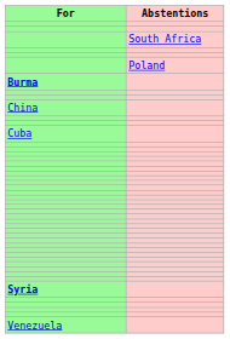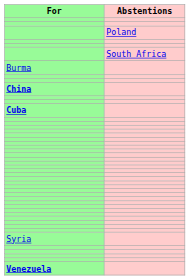 <table class="sortable wikitable">
 <tr>
 <td width="150" align="center" bgcolor="98FB98"><strong>For</strong></td>
 <td width="120" align="center" bgcolor="#ffcccc"><strong>Abstentions</strong></td>
 </tr>
 <tr>
 <td bgcolor="98FB98"></td>
 <td bgcolor="#ffcccc"></td>
 </tr>
 <tr>
 <td bgcolor="98FB98"></td>
 <td bgcolor="#ffcccc"></td>
 </tr>
 <tr>
 <td bgcolor="98FB98"></td>
-<td bgcolor="#ffcccc"> <a href='#'>South Africa</a></td>
+<td bgcolor="#ffcccc"> <a href='#'>Poland</a></td>
 </tr>
 <tr>
 <td bgcolor="98FB98"></td>
 <td bgcolor="#ffcccc"></td>
 </tr>
 <tr>
 <td bgcolor="98FB98"></td>
 <td bgcolor="#ffcccc"></td>
 </tr>
 <tr>
 <td bgcolor="98FB98"></td>
-<td bgcolor="#ffcccc"> <a href='#'>Poland</a></td>
+<td bgcolor="#ffcccc"> <a href='#'>South Africa</a></td>
 </tr>
 <tr>
-<td bgcolor="98FB98"><strong> <a href='#'>Burma</a></strong></td>
+<td bgcolor="98FB98"> <a href='#'>Burma</a></td>
 <td bgcolor="#ffcccc"></td>
 </tr>
 <tr>
 <td bgcolor="98FB98"></td>
 <td bgcolor="#ffcccc"></td>
 </tr>
 <tr>
 <td bgcolor="98FB98"></td>
 <td bgcolor="#ffcccc"></td>
 </tr>
 <tr>
-<td bgcolor="98FB98"> <a href='#'>China</a></td>
+<td bgcolor="98FB98"><strong> <a href='#'>China</a></strong></td>
 <td bgcolor="#ffcccc"></td>
 </tr>
 <tr>
 <td bgcolor="98FB98"></td>
 <td bgcolor="#ffcccc"></td>
 </tr>
 <tr>
 <td bgcolor="98FB98"></td>
 <td bgcolor="#ffcccc"></td>
 </tr>
 <tr>
-<td bgcolor="98FB98"> <a href='#'>Cuba</a></td>
+<td bgcolor="98FB98"><strong> <a href='#'>Cuba</a></strong></td>
 <td bgcolor="#ffcccc"></td>
 </tr>
 <tr>
 <td bgcolor="98FB98"></td>
 <td bgcolor="#ffcccc"></td>
 </tr>
 <tr>
 <td bgcolor="98FB98"></td>
 <td bgcolor="#ffcccc"></td>
 </tr>
 <tr>
 <td bgcolor="98FB98"></td>
 <td bgcolor="#ffcccc"></td>
 </tr>
 <tr>
 <td bgcolor="98FB98"></td>
 <td bgcolor="#ffcccc"></td>
 </tr>
 <tr>
 <td bgcolor="98FB98"></td>
 <td bgcolor="#ffcccc"></td>
 </tr>
 <tr>
 <td bgcolor="98FB98"></td>
 <td bgcolor="#ffcccc"></td>
 </tr>
 <tr>
 <td bgcolor="98FB98"></td>
 <td bgcolor="#ffcccc"></td>
 </tr>
 <tr>
 <td bgcolor="98FB98"></td>
 <td bgcolor="#ffcccc"></td>
 </tr>
 <tr>
 <td bgcolor="98FB98"></td>
 <td bgcolor="#ffcccc"></td>
 </tr>
 <tr>
 <td bgcolor="98FB98"></td>
 <td bgcolor="#ffcccc"></td>
 </tr>
 <tr>
 <td bgcolor="98FB98"></td>
 <td bgcolor="#ffcccc"></td>
 </tr>
 <tr>
 <td bgcolor="98FB98"></td>
 <td bgcolor="#ffcccc"></td>
 </tr>
 <tr>
 <td bgcolor="98FB98"></td>
 <td bgcolor="#ffcccc"></td>
 </tr>
 <tr>
 <td bgcolor="98FB98"></td>
 <td bgcolor="#ffcccc"></td>
 </tr>
 <tr>
 <td bgcolor="98FB98"></td>
 <td bgcolor="#ffcccc"></td>
 </tr>
 <tr>
 <td bgcolor="98FB98"></td>
 <td bgcolor="#ffcccc"></td>
 </tr>
 <tr>
 <td bgcolor="98FB98"></td>
 <td bgcolor="#ffcccc"></td>
 </tr>
 <tr>
 <td bgcolor="98FB98"></td>
 <td bgcolor="#ffcccc"></td>
 </tr>
 <tr>
 <td bgcolor="98FB98"></td>
 <td bgcolor="#ffcccc"></td>
 </tr>
 <tr>
 <td bgcolor="98FB98"></td>
 <td bgcolor="#ffcccc"></td>
 </tr>
 <tr>
 <td bgcolor="98FB98"></td>
 <td bgcolor="#ffcccc"></td>
 </tr>
 <tr>
 <td bgcolor="98FB98"></td>
 <td bgcolor="#ffcccc"></td>
 </tr>
 <tr>
 <td bgcolor="98FB98"></td>
 <td bgcolor="#ffcccc"></td>
 </tr>
 <tr>
 <td bgcolor="98FB98"></td>
 <td bgcolor="#ffcccc"></td>
 </tr>
 <tr>
 <td bgcolor="98FB98"></td>
 <td bgcolor="#ffcccc"></td>
 </tr>
 <tr>
 <td bgcolor="98FB98"></td>
 <td bgcolor="#ffcccc"></td>
 </tr>
 <tr>
 <td bgcolor="98FB98"></td>
 <td bgcolor="#ffcccc"></td>
 </tr>
 <tr>
 <td bgcolor="98FB98"></td>
 <td bgcolor="#ffcccc"></td>
 </tr>
 <tr>
 <td bgcolor="98FB98"></td>
 <td bgcolor="#ffcccc"></td>
 </tr>
 <tr>
-<td bgcolor="98FB98"><strong> <a href='#'>Syria</a></strong></td>
+<td bgcolor="98FB98"> <a href='#'>Syria</a></td>
 <td bgcolor="#ffcccc"></td>
 </tr>
 <tr>
 <td bgcolor="98FB98"></td>
 <td bgcolor="#ffcccc"></td>
 </tr>
 <tr>
 <td bgcolor="98FB98"></td>
 <td bgcolor="#ffcccc"></td>
 </tr>
 <tr>
 <td bgcolor="98FB98"></td>
 <td bgcolor="#ffcccc"></td>
 </tr>
 <tr>
 <td bgcolor="98FB98"></td>
 <td bgcolor="#ffcccc"></td>
 </tr>
 <tr>
-<td bgcolor="98FB98"> <a href='#'>Venezuela</a></td>
+<td bgcolor="98FB98"><strong> <a href='#'>Venezuela</a></strong></td>
 <td bgcolor="#ffcccc"></td>
 </tr>
 </table>
